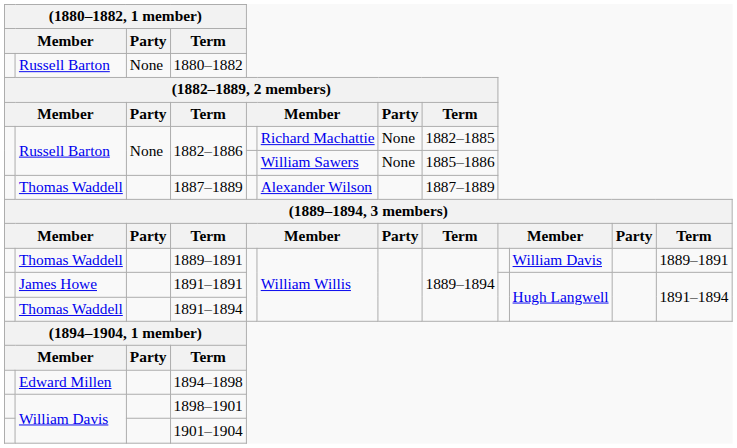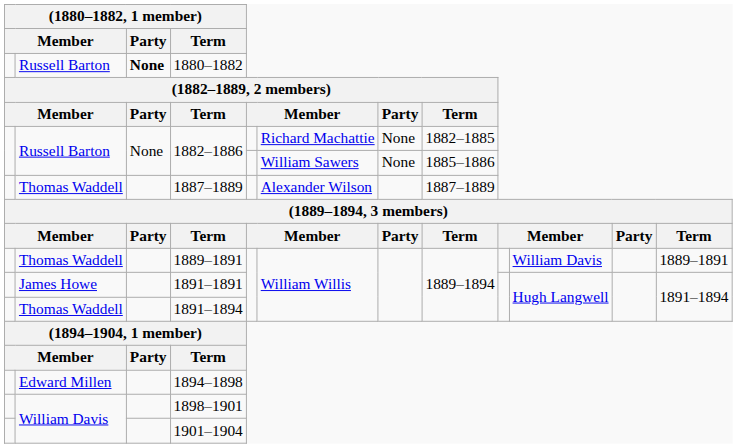 <table class="wikitable" style='border-style: none none none solid;'>
 <tr>
 <th colspan="4">(1880–1882, 1 member)</th>
 </tr>
 <tr>
 <th colspan="2">Member</th>
 <th>Party</th>
 <th>Term</th>
 </tr>
 <tr style="background: #f9f9f9">
 <td> </td>
 <td><a href='#'>Russell Barton</a></td>
-<td>None</td>
+<td><strong>None</strong></td>
 <td>1880–1882</td>
 </tr>
 <tr style="background: #f9f9f9">
 <th colspan="8">(1882–1889, 2 members)</th>
 </tr>
 <tr style="background: #f9f9f9">
 <th colspan="2">Member</th>
 <th>Party</th>
 <th>Term</th>
 <th colspan="2">Member</th>
 <th>Party</th>
 <th>Term</th>
 </tr>
 <tr style="background: #f9f9f9">
 <td rowspan="2" > </td>
 <td rowspan="2"><a href='#'>Russell Barton</a></td>
 <td rowspan="2">None</td>
 <td rowspan="2">1882–1886</td>
 <td> </td>
 <td><a href='#'>Richard Machattie</a></td>
 <td>None</td>
 <td>1882–1885</td>
 </tr>
 <tr style="background: #f9f9f9">
 <td> </td>
 <td><a href='#'>William Sawers</a></td>
 <td>None</td>
 <td>1885–1886</td>
 </tr>
 <tr style="background: #f9f9f9">
 <td> </td>
 <td><a href='#'>Thomas Waddell</a></td>
 <td></td>
 <td>1887–1889</td>
 <td> </td>
 <td><a href='#'>Alexander Wilson</a></td>
 <td></td>
 <td>1887–1889</td>
 </tr>
 <tr>
 <th colspan="12">(1889–1894, 3 members)</th>
 </tr>
 <tr>
 <th colspan="2">Member</th>
 <th>Party</th>
 <th>Term</th>
 <th colspan="2">Member</th>
 <th>Party</th>
 <th>Term</th>
 <th colspan="2">Member</th>
 <th>Party</th>
 <th>Term</th>
 </tr>
 <tr style="background: #f9f9f9">
 <td> </td>
 <td><a href='#'>Thomas Waddell</a></td>
 <td></td>
 <td>1889–1891</td>
 <td rowspan="3" > </td>
 <td rowspan="3"><a href='#'>William Willis</a></td>
 <td rowspan="3"></td>
 <td rowspan="3">1889–1894</td>
 <td> </td>
 <td><a href='#'>William Davis</a></td>
 <td></td>
 <td>1889–1891</td>
 </tr>
 <tr style="background: #f9f9f9">
 <td> </td>
 <td><a href='#'>James Howe</a></td>
 <td></td>
 <td>1891–1891</td>
 <td rowspan="2" > </td>
 <td rowspan="2"><a href='#'>Hugh Langwell</a></td>
 <td rowspan="2"></td>
 <td rowspan="2">1891–1894</td>
 </tr>
 <tr style="background: #f9f9f9">
 <td> </td>
 <td><a href='#'>Thomas Waddell</a></td>
 <td></td>
 <td>1891–1894</td>
 </tr>
 <tr>
 <th colspan="4">(1894–1904, 1 member)</th>
 </tr>
 <tr>
 <th colspan="2">Member</th>
 <th>Party</th>
 <th>Term</th>
 </tr>
 <tr style="background: #f9f9f9">
 <td> </td>
 <td><a href='#'>Edward Millen</a></td>
 <td></td>
 <td>1894–1898</td>
 </tr>
 <tr style="background: #f9f9f9">
 <td> </td>
 <td rowspan="2"><a href='#'>William Davis</a></td>
 <td></td>
 <td>1898–1901</td>
 </tr>
 <tr style="background: #f9f9f9">
 <td> </td>
 <td></td>
 <td>1901–1904</td>
 </tr>
 </table>
